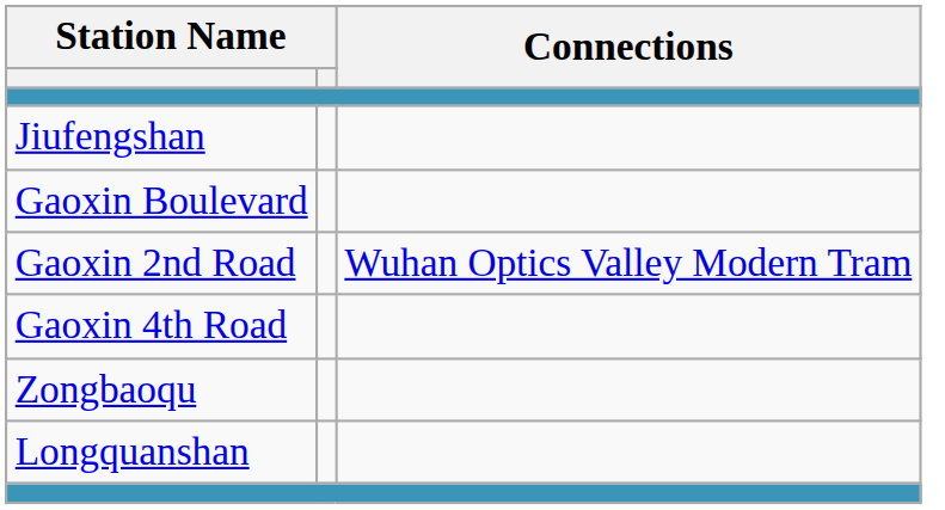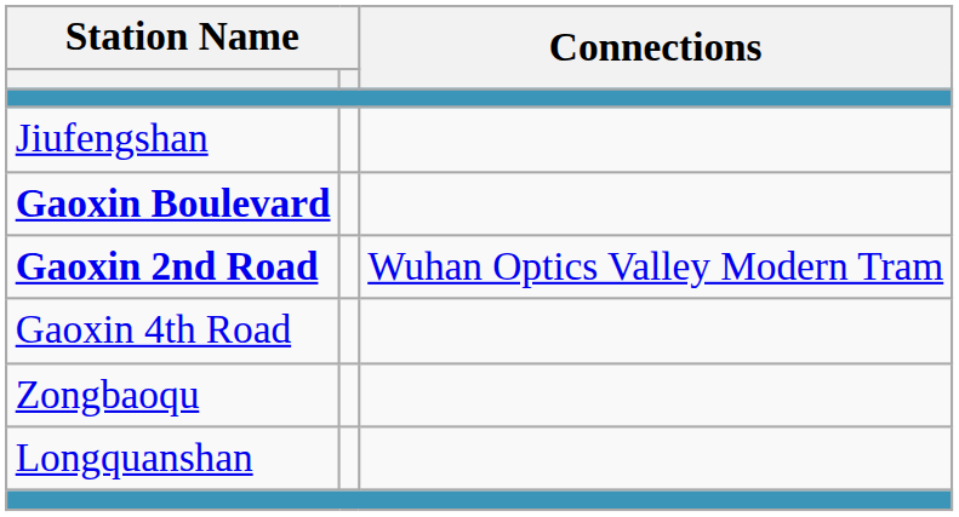 <table class="wikitable">
 <tr>
 <th colspan="2">Station Name</th>
 <th rowspan="2">Connections</th>
 </tr>
 <tr>
 <th></th>
 <th></th>
 </tr>
 <tr style = "background:#3a95b9; height: 2pt">
 <td colspan = "7"></td>
 </tr>
 <tr>
 <td><a href='#'>Jiufengshan</a></td>
 <td></td>
 <td></td>
 </tr>
 <tr>
-<td><a href='#'>Gaoxin Boulevard</a></td>
+<td><strong><a href='#'>Gaoxin Boulevard</a></strong></td>
 <td></td>
 <td></td>
 </tr>
 <tr>
-<td><a href='#'>Gaoxin 2nd Road</a></td>
+<td><strong><a href='#'>Gaoxin 2nd Road</a></strong></td>
 <td></td>
 <td><a href='#'>Wuhan Optics Valley Modern Tram</a></td>
 </tr>
 <tr>
 <td><a href='#'>Gaoxin 4th Road</a></td>
 <td></td>
 <td></td>
 </tr>
 <tr>
 <td><a href='#'>Zongbaoqu</a></td>
 <td></td>
 <td></td>
 </tr>
 <tr>
 <td><a href='#'>Longquanshan</a></td>
 <td></td>
 <td></td>
 </tr>
 <tr style = "background:#3a95b9; height: 2pt">
 <td colspan = "7"></td>
 </tr>
 </table>
